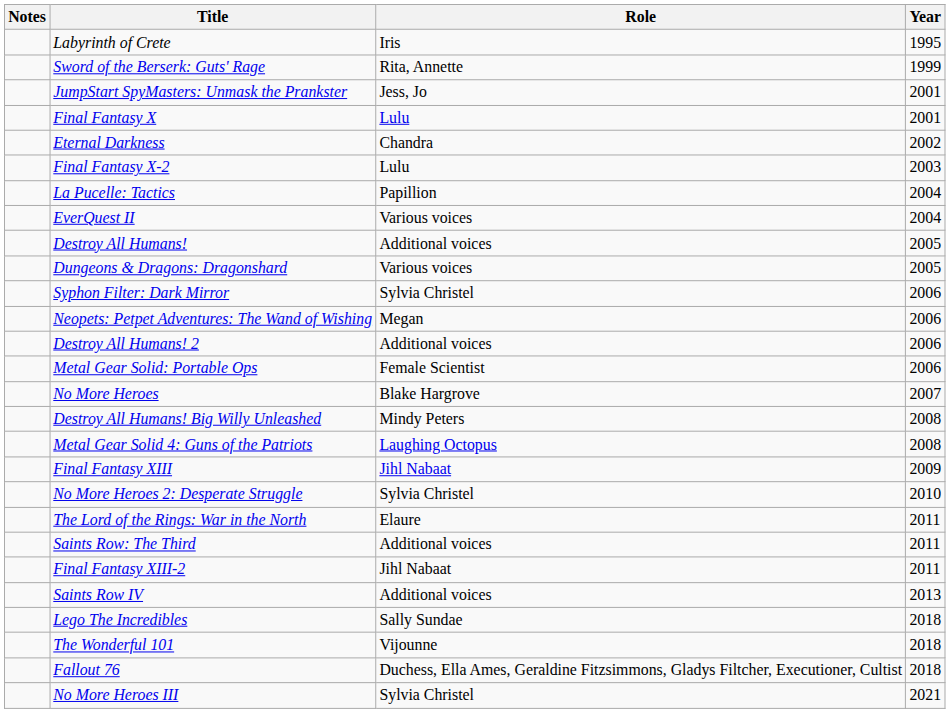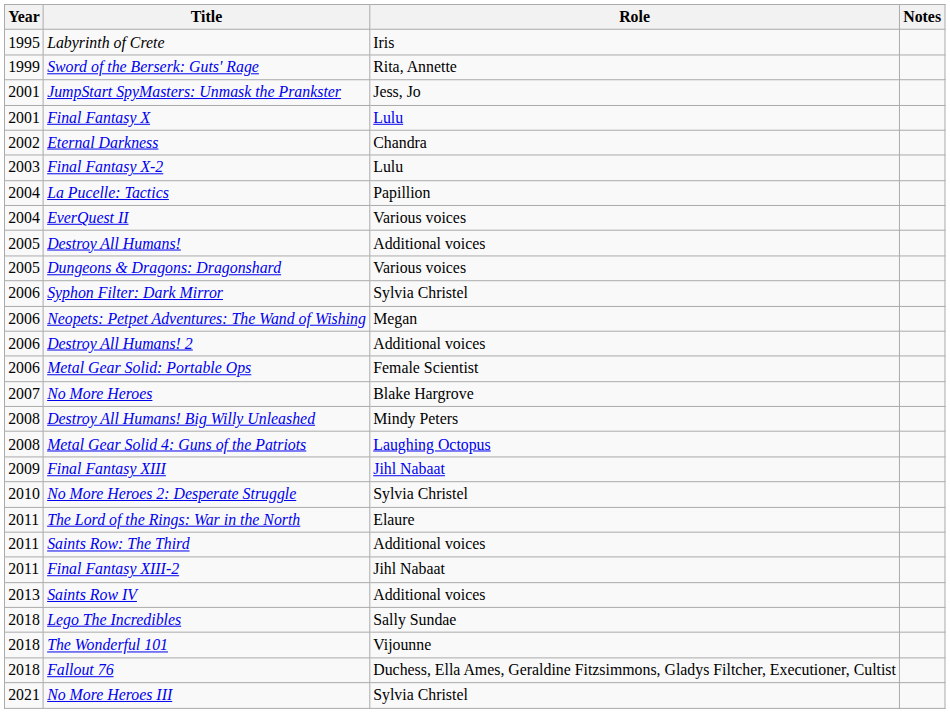 <table class="wikitable sortable">
 <tr>
-<th>Notes</th>
+<th>Year</th>
 <th>Title</th>
 <th>Role</th>
-<th>Year</th>
+<th>Notes</th>
 </tr>
 <tr>
-<td></td>
+<td>1995</td>
 <td><em>Labyrinth of Crete</em></td>
 <td>Iris</td>
-<td>1995</td>
+<td></td>
 </tr>
 <tr>
-<td></td>
+<td>1999</td>
 <td><em><a href='#'>Sword of the Berserk: Guts' Rage</a></em></td>
 <td>Rita, Annette</td>
-<td>1999</td>
+<td></td>
 </tr>
 <tr>
-<td></td>
+<td>2001</td>
 <td><em><a href='#'>JumpStart SpyMasters: Unmask the Prankster</a></em></td>
 <td>Jess, Jo</td>
-<td>2001</td>
+<td></td>
 </tr>
 <tr>
-<td></td>
+<td>2001</td>
 <td><em><a href='#'>Final Fantasy X</a></em></td>
 <td><a href='#'>Lulu</a></td>
-<td>2001</td>
+<td></td>
 </tr>
 <tr>
-<td></td>
+<td>2002</td>
 <td><em><a href='#'>Eternal Darkness</a></em></td>
 <td>Chandra</td>
-<td>2002</td>
+<td></td>
 </tr>
 <tr>
-<td></td>
+<td>2003</td>
 <td><em><a href='#'>Final Fantasy X-2</a></em></td>
 <td>Lulu</td>
-<td>2003</td>
+<td></td>
 </tr>
 <tr>
-<td></td>
+<td>2004</td>
 <td><em><a href='#'>La Pucelle: Tactics</a></em></td>
 <td>Papillion</td>
-<td>2004</td>
+<td></td>
 </tr>
 <tr>
-<td></td>
+<td>2004</td>
 <td><em><a href='#'>EverQuest II</a></em></td>
 <td>Various voices</td>
-<td>2004</td>
+<td></td>
 </tr>
 <tr>
-<td></td>
+<td>2005</td>
 <td><em><a href='#'>Destroy All Humans!</a></em></td>
 <td>Additional voices</td>
-<td>2005</td>
+<td></td>
 </tr>
 <tr>
-<td></td>
+<td>2005</td>
 <td><em><a href='#'>Dungeons & Dragons: Dragonshard</a></em></td>
 <td>Various voices</td>
-<td>2005</td>
+<td></td>
 </tr>
 <tr>
-<td></td>
+<td>2006</td>
 <td><em><a href='#'>Syphon Filter: Dark Mirror</a></em></td>
 <td>Sylvia Christel</td>
-<td>2006</td>
+<td></td>
 </tr>
 <tr>
-<td></td>
+<td>2006</td>
 <td><em><a href='#'>Neopets: Petpet Adventures: The Wand of Wishing</a></em></td>
 <td>Megan</td>
-<td>2006</td>
+<td></td>
 </tr>
 <tr>
-<td></td>
+<td>2006</td>
 <td><em><a href='#'>Destroy All Humans! 2</a></em></td>
 <td>Additional voices</td>
-<td>2006</td>
+<td></td>
 </tr>
 <tr>
-<td></td>
+<td>2006</td>
 <td><em><a href='#'>Metal Gear Solid: Portable Ops</a></em></td>
 <td>Female Scientist</td>
-<td>2006</td>
+<td></td>
 </tr>
 <tr>
-<td></td>
+<td>2007</td>
 <td><em><a href='#'>No More Heroes</a></em></td>
 <td>Blake Hargrove</td>
-<td>2007</td>
+<td></td>
 </tr>
 <tr>
-<td></td>
+<td>2008</td>
 <td><em><a href='#'>Destroy All Humans! Big Willy Unleashed</a></em></td>
 <td>Mindy Peters</td>
-<td>2008</td>
+<td></td>
 </tr>
 <tr>
-<td></td>
+<td>2008</td>
 <td><em><a href='#'>Metal Gear Solid 4: Guns of the Patriots</a></em></td>
 <td><a href='#'>Laughing Octopus</a></td>
-<td>2008</td>
+<td></td>
 </tr>
 <tr>
-<td></td>
+<td>2009</td>
 <td><em><a href='#'>Final Fantasy XIII</a></em></td>
 <td><a href='#'>Jihl Nabaat</a></td>
-<td>2009</td>
+<td></td>
 </tr>
 <tr>
-<td></td>
+<td>2010</td>
 <td><em><a href='#'>No More Heroes 2: Desperate Struggle</a></em></td>
 <td>Sylvia Christel</td>
-<td>2010</td>
+<td></td>
 </tr>
 <tr>
-<td></td>
+<td>2011</td>
 <td><em><a href='#'>The Lord of the Rings: War in the North</a></em></td>
 <td>Elaure</td>
-<td>2011</td>
+<td></td>
 </tr>
 <tr>
-<td></td>
+<td>2011</td>
 <td><em><a href='#'>Saints Row: The Third</a></em></td>
 <td>Additional voices</td>
-<td>2011</td>
+<td></td>
 </tr>
 <tr>
-<td></td>
+<td>2011</td>
 <td><em><a href='#'>Final Fantasy XIII-2</a></em></td>
 <td>Jihl Nabaat</td>
-<td>2011</td>
+<td></td>
 </tr>
 <tr>
-<td></td>
+<td>2013</td>
 <td><em><a href='#'>Saints Row IV</a></em></td>
 <td>Additional voices</td>
-<td>2013</td>
+<td></td>
 </tr>
 <tr>
-<td></td>
+<td>2018</td>
 <td><em><a href='#'>Lego The Incredibles</a></em></td>
 <td>Sally Sundae</td>
-<td>2018</td>
+<td></td>
 </tr>
 <tr>
-<td></td>
+<td>2018</td>
 <td><em><a href='#'>The Wonderful 101</a></em></td>
 <td>Vijounne</td>
-<td>2018</td>
+<td></td>
 </tr>
 <tr>
-<td></td>
+<td>2018</td>
 <td><em><a href='#'>Fallout 76</a></em></td>
 <td>Duchess, Ella Ames, Geraldine Fitzsimmons, Gladys Filtcher, Executioner, Cultist</td>
-<td>2018</td>
+<td></td>
 </tr>
 <tr>
-<td></td>
+<td>2021</td>
 <td><em><a href='#'>No More Heroes III</a></em></td>
 <td>Sylvia Christel</td>
-<td>2021</td>
+<td></td>
 </tr>
 </table>
